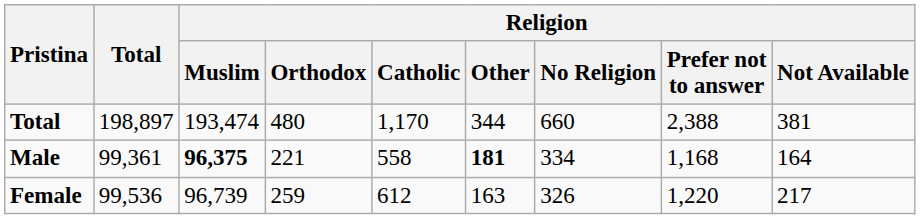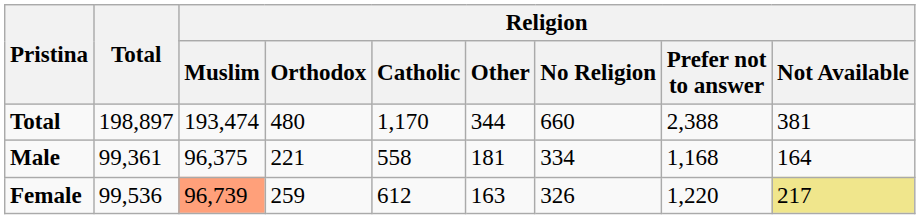 <table class="wikitable">
 <tr>
 <th scope="col" rowspan="2">Pristina</th>
 <th scope="col" rowspan="2">Total</th>
 <th scope="col" colspan="11">Religion</th>
 </tr>
 <tr style="text-align:center; background:#f0f0f0;">
 <th scope="col">Muslim</th>
 <th scope="col">Orthodox</th>
 <th scope="col">Catholic</th>
 <th scope="col">Other</th>
 <th scope="col">No Religion</th>
 <th scope="col">Prefer not<br>to answer</th>
 <th scope="col">Not Available</th>
 </tr>
 <tr>
 <td><strong>Total</strong></td>
 <td>198,897</td>
 <td>193,474</td>
 <td>480</td>
 <td>1,170</td>
 <td>344</td>
 <td>660</td>
 <td>2,388</td>
 <td>381</td>
 </tr>
 <tr>
 <td><strong>Male</strong></td>
 <td>99,361</td>
-<td><strong>96,375</strong></td>
+<td>96,375</td>
 <td>221</td>
 <td>558</td>
-<td><strong>181</strong></td>
+<td>181</td>
 <td>334</td>
 <td>1,168</td>
 <td>164</td>
 </tr>
 <tr>
 <td><strong>Female</strong></td>
 <td>99,536</td>
-<td>96,739</td>
+<td style="background: lightsalmon;">96,739</td>
 <td>259</td>
 <td>612</td>
 <td>163</td>
 <td>326</td>
 <td>1,220</td>
-<td>217</td>
+<td style="background: khaki;">217</td>
 </tr>
 </table>
